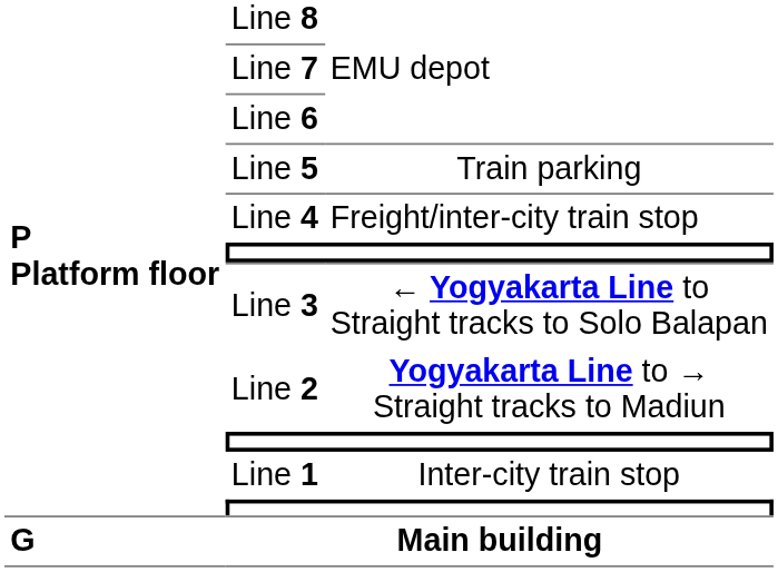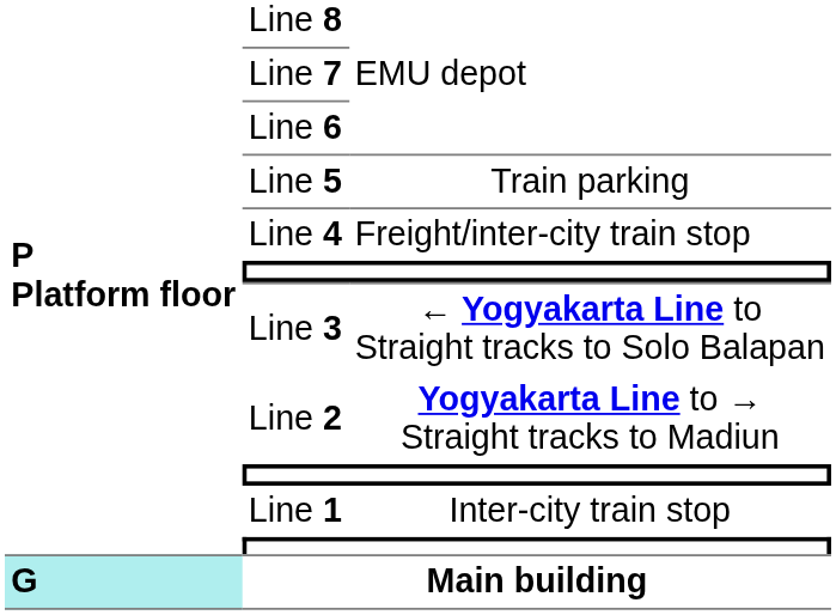 <table cellpadding="3" cellspacing="0">
 <tr>
 <td rowspan="11"><strong>P</strong><br><strong>Platform floor</strong></td>
 <td>Line <strong>8</strong></td>
 <td rowspan="3">EMU depot</td>
 </tr>
 <tr>
 <td style="border-top:solid 1px gray;">Line <strong>7</strong></td>
 </tr>
 <tr>
 <td style="border-top:solid 1px gray;">Line <strong>6</strong></td>
 </tr>
 <tr>
 <td style="border-top:solid 1px gray">Line <strong>5</strong></td>
 <td style="text-align:center;border-top:solid 1px gray">Train parking</td>
 </tr>
 <tr>
 <td style="border-top:solid 1px gray">Line <strong>4</strong></td>
 <td style="border-top:solid 1px gray">Freight/inter-city train stop</td>
 </tr>
 <tr>
 <td colspan="2" style="border-top:solid 2px black;border-bottom:solid 2px black;border-left:solid 2px black;border-right:solid 2px black;text-align:center"></td>
 </tr>
 <tr>
 <td style="border-top:solid 1px gray">Line <strong>3</strong></td>
 <td style="border-top:solid 1px gray;text-align:center">←   <strong><a href='#'>Yogyakarta Line</a></strong> to <br>Straight tracks to Solo Balapan</td>
 </tr>
 <tr>
 <td>Line <strong>2</strong></td>
 <td style="text-align:center"> <strong><a href='#'>Yogyakarta Line</a></strong> to   →<br>Straight tracks to Madiun</td>
 </tr>
 <tr>
 <td colspan="2" style="text-align:center;border-top:solid 2px black;border-bottom:solid 2px black;border-left:solid 2px black;border-right:solid 2px black;text-align:center"></td>
 </tr>
 <tr>
 <td>Line <strong>1</strong></td>
 <td style="text-align:center"> Inter-city train stop</td>
 </tr>
 <tr>
 <td colspan="2" style="border-top:solid 2px black;border-left:solid 2px black;border-right:solid 2px black;text-align:center"></td>
 </tr>
 <tr>
-<td style="border-top:solid 1px gray;border-bottom:solid 1px gray;"><strong>G</strong></td>
+<td style="background: paleturquoise; border-top:solid 1px gray;border-bottom:solid 1px gray;"><strong>G</strong></td>
 <td colspan="2" style="border-top:solid 1px gray;border-bottom:solid 1px gray;text-align:center"><strong>Main building</strong></td>
 </tr>
 </table>
